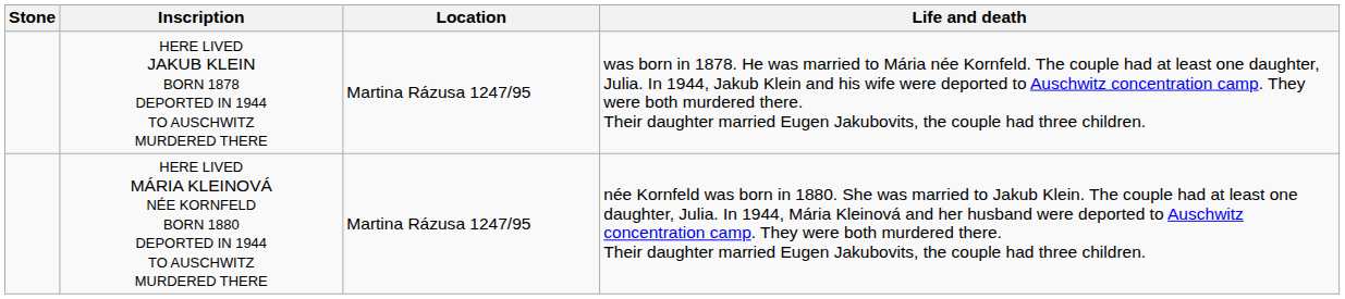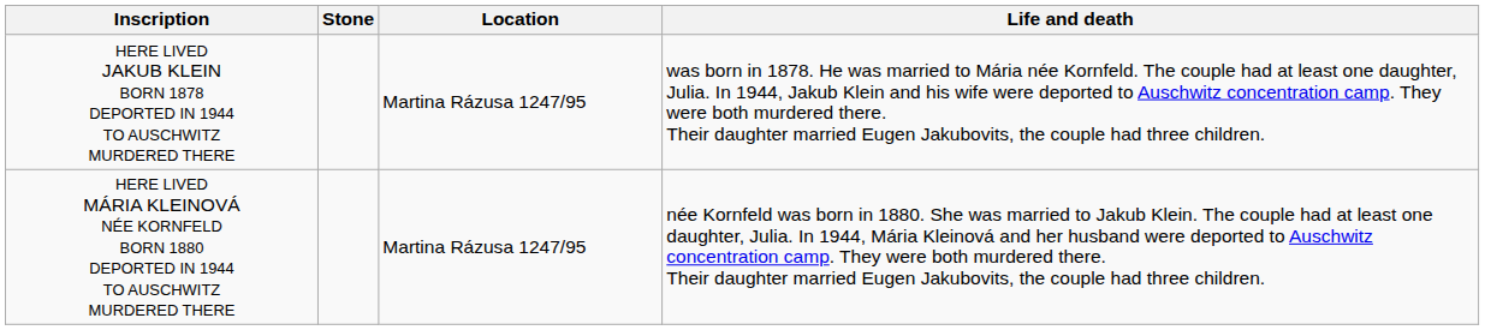 <table class="wikitable sortable toptextcells" style="width:100%">
 <tr>
+<th class="hintergrundfarbe6 unsortable" style ="width:22%;">Inscription</th>
 <th class="hintergrundfarbe6 unsortable" width="120px">Stone</th>
-<th class="hintergrundfarbe6 unsortable" style ="width:22%;">Inscription</th>
 <th class="hintergrundfarbe6" data-sort-type="text" style ="width:20%;">Location</th>
 <th class="hintergrundfarbe6" style="width:100%;">Life and death</th>
 </tr>
 <tr>
+<td style="text-align:center"><div><small>HERE LIVED</small><br>JAKUB KLEIN<br><small>BORN 1878<br>DEPORTED IN 1944<br>TO AUSCHWITZ<br>MURDERED THERE</small></div></td>
 <td></td>
-<td style="text-align:center"><div><small>HERE LIVED</small><br>JAKUB KLEIN<br><small>BORN 1878<br>DEPORTED IN 1944<br>TO AUSCHWITZ<br>MURDERED THERE</small></div></td>
 <td>Martina Rázusa 1247/95</td>
 <td><strong></strong> was born in 1878. He was married to Mária née Kornfeld. The couple had at least one daughter, Julia. In 1944, Jakub Klein and his wife were deported to <a href='#'>Auschwitz concentration camp</a>. They were both murdered there.<br>Their daughter married Eugen Jakubovits, the couple had three children.</td>
 </tr>
 <tr>
+<td style="text-align:center"><div><small>HERE LIVED</small><br>MÁRIA KLEINOVÁ<br><small>NÉE KORNFELD<br>BORN 1880<br>DEPORTED IN 1944<br>TO AUSCHWITZ<br>MURDERED THERE</small></div></td>
 <td></td>
-<td style="text-align:center"><div><small>HERE LIVED</small><br>MÁRIA KLEINOVÁ<br><small>NÉE KORNFELD<br>BORN 1880<br>DEPORTED IN 1944<br>TO AUSCHWITZ<br>MURDERED THERE</small></div></td>
 <td>Martina Rázusa 1247/95</td>
 <td><strong></strong> née Kornfeld was born in 1880. She was married to Jakub Klein. The couple had at least one daughter, Julia. In 1944, Mária Kleinová and her husband were deported to <a href='#'>Auschwitz concentration camp</a>. They were both murdered there.<br>Their daughter married Eugen Jakubovits, the couple had three children.</td>
 </tr>
 </table>
